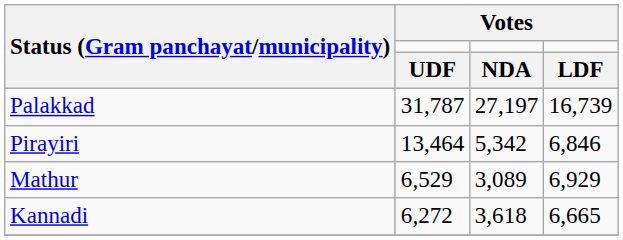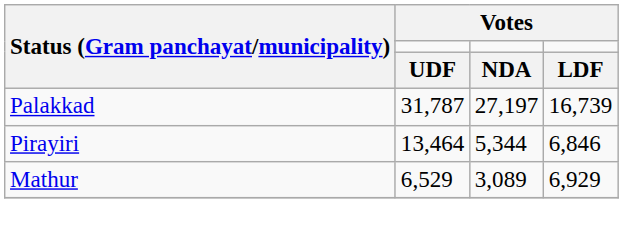 <table class="wikitable">
 <tr>
 <th rowspan="3">Status (<a href='#'>Gram panchayat</a>/<a href='#'>municipality</a>)</th>
 <th colspan="3">Votes</th>
 </tr>
 <tr>
 <td style="background:"></td>
 <td style="background:"></td>
 <td style="background:"></td>
 </tr>
 <tr>
 <th>UDF</th>
 <th>NDA</th>
 <th>LDF</th>
 </tr>
 <tr>
 <td><a href='#'>Palakkad</a></td>
 <td>31,787</td>
 <td>27,197</td>
 <td>16,739</td>
 </tr>
 <tr>
 <td><a href='#'>Pirayiri</a></td>
 <td>13,464</td>
-<td>5,342</td>
+<td>5,344</td>
 <td>6,846</td>
 </tr>
 <tr>
 <td><a href='#'>Mathur</a></td>
 <td>6,529</td>
 <td>3,089</td>
 <td>6,929</td>
 </tr>
 <tr>
-<td><a href='#'>Kannadi</a></td>
-<td>6,272</td>
-<td>3,618</td>
-<td>6,665</td>
-</tr>
-<tr>
 </tr>
 </table>
